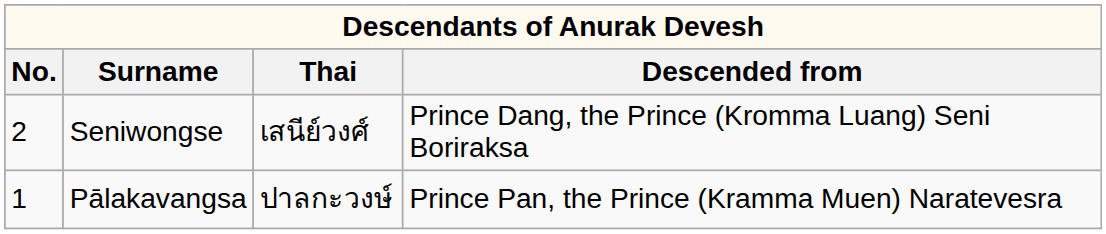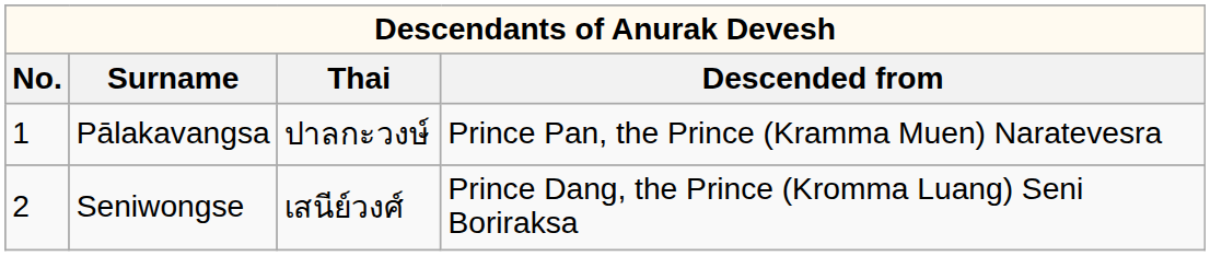 <table class="wikitable collapsible collapsed" style="width:100%;">
 <tr>
 <th style="align: center; background: #fffaf0;" colspan="4"><strong>Descendants of Anurak Devesh</strong></th>
 </tr>
 <tr>
 <th style="width:4%;">No.</th>
 <th style="width:16%;">Surname</th>
 <th style="width:14%;">Thai</th>
 <th style="width:66%;">Descended from</th>
 </tr>
 <tr>
+<td>1</td>
+<td>Pālakavangsa</td>
+<td>ปาลกะวงษ์</td>
+<td>Prince Pan, the Prince (Kramma Muen) Naratevesra</td>
+</tr>
+<tr>
 <td>2</td>
 <td>Seniwongse</td>
 <td>เสนีย์วงศ์</td>
 <td>Prince Dang, the Prince (Kromma Luang) Seni Boriraksa</td>
 </tr>
-<tr>
-<td>1</td>
-<td>Pālakavangsa</td>
-<td>ปาลกะวงษ์</td>
-<td>Prince Pan, the Prince (Kramma Muen) Naratevesra</td>
-</tr>
 </table>
